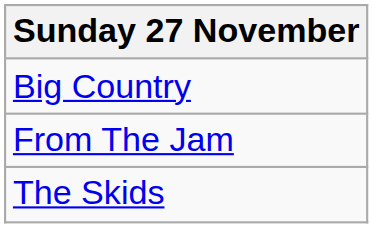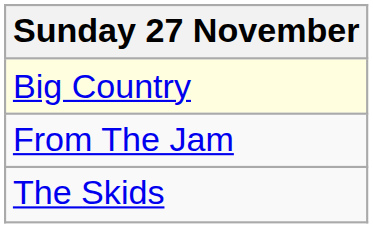 <table class="wikitable">
 <tr>
 <th>Sunday 27 November</th>
 </tr>
 <tr>
-<td><a href='#'>Big Country</a></td>
+<td style="background: lightyellow;"><a href='#'>Big Country</a></td>
 </tr>
 <tr>
 <td><a href='#'>From The Jam</a></td>
 </tr>
 <tr>
 <td><a href='#'>The Skids</a></td>
 </tr>
 </table>
